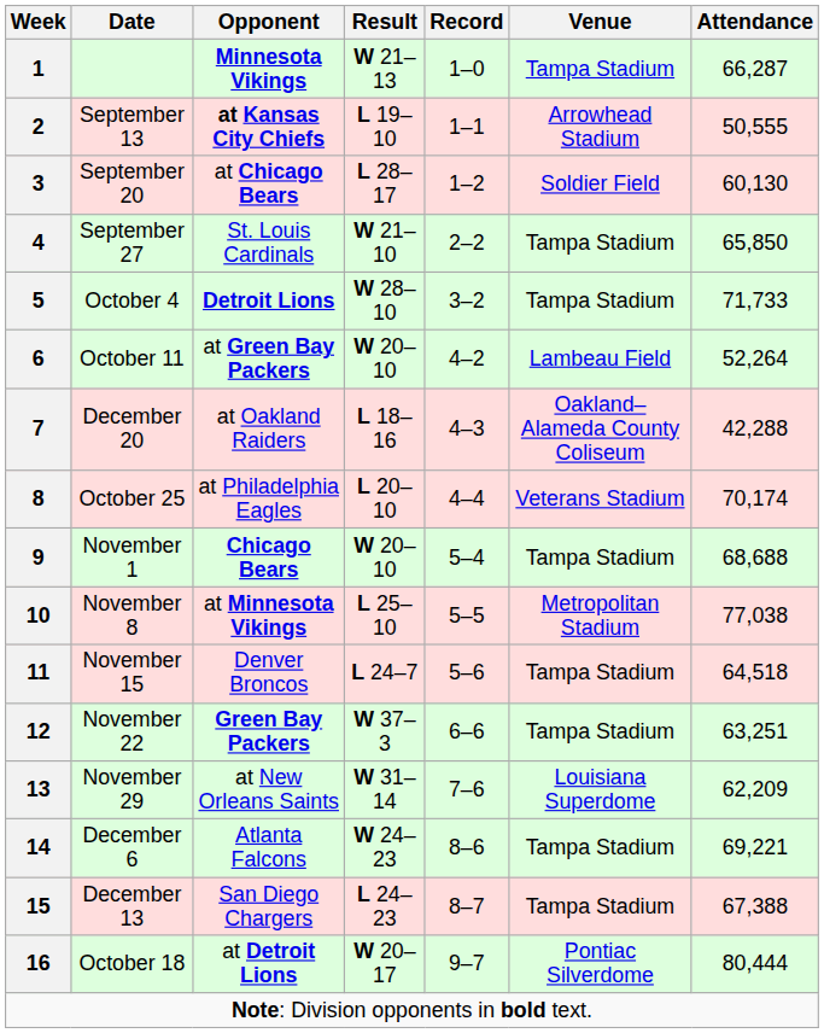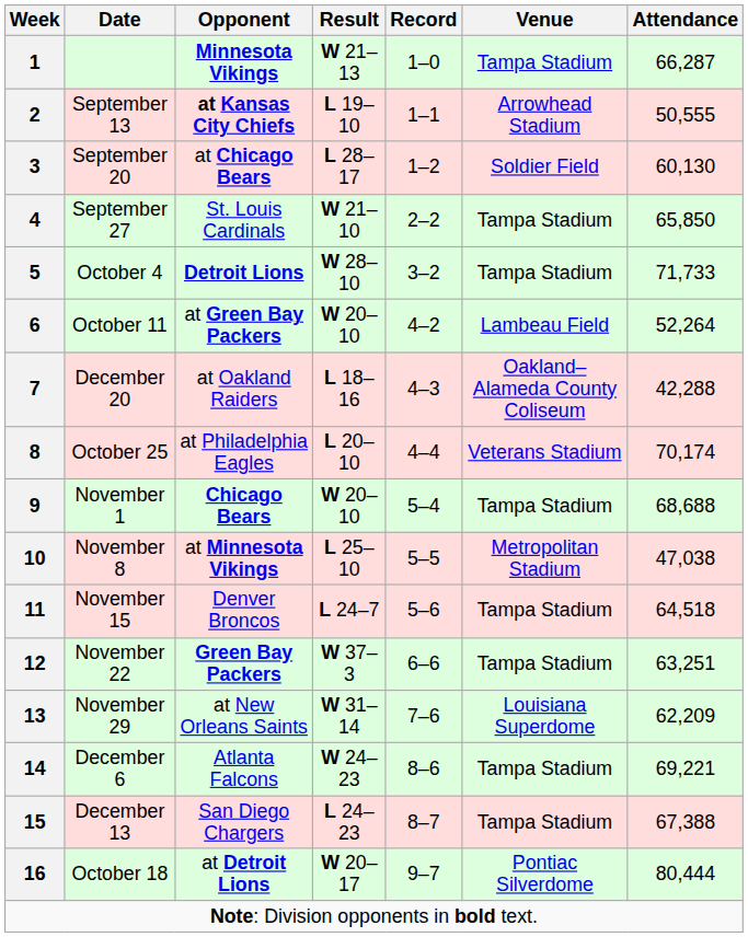 <table class="wikitable" style="text-align:center">
 <tr>
 <th>Week</th>
 <th>Date</th>
 <th>Opponent</th>
 <th>Result</th>
 <th>Record</th>
 <th>Venue</th>
 <th>Attendance</th>
 </tr>
 <tr style="background:#ddffdd">
 <th>1</th>
 <td></td>
 <td><strong><a href='#'>Minnesota Vikings</a></strong></td>
 <td><strong>W</strong> 21–13</td>
 <td>1–0</td>
 <td><a href='#'>Tampa Stadium</a></td>
 <td>66,287</td>
 </tr>
 <tr style="background:#ffdddd">
 <th>2</th>
 <td>September 13</td>
 <td><strong>at <a href='#'>Kansas City Chiefs</a></strong></td>
 <td><strong>L</strong> 19–10</td>
 <td>1–1</td>
 <td><a href='#'>Arrowhead Stadium</a></td>
 <td>50,555</td>
 </tr>
 <tr style="background:#ffdddd">
 <th>3</th>
 <td>September 20</td>
 <td>at <strong><a href='#'>Chicago Bears</a></strong></td>
 <td><strong>L</strong> 28–17</td>
 <td>1–2</td>
 <td><a href='#'>Soldier Field</a></td>
 <td>60,130</td>
 </tr>
 <tr style="background:#ddffdd">
 <th>4</th>
 <td>September 27</td>
 <td><a href='#'>St. Louis Cardinals</a></td>
 <td><strong>W</strong> 21–10</td>
 <td>2–2</td>
 <td>Tampa Stadium</td>
 <td>65,850</td>
 </tr>
 <tr style="background:#ddffdd">
 <th>5</th>
 <td>October 4</td>
 <td><strong><a href='#'>Detroit Lions</a></strong></td>
 <td><strong>W</strong> 28–10</td>
 <td>3–2</td>
 <td>Tampa Stadium</td>
 <td>71,733</td>
 </tr>
 <tr style="background:#ddffdd">
 <th>6</th>
 <td>October 11</td>
 <td>at <strong><a href='#'>Green Bay Packers</a></strong></td>
 <td><strong>W</strong> 20–10</td>
 <td>4–2</td>
 <td><a href='#'>Lambeau Field</a></td>
 <td>52,264</td>
 </tr>
 <tr style="background:#ffdddd">
 <th>7</th>
 <td>December 20</td>
 <td>at <a href='#'>Oakland Raiders</a></td>
 <td><strong>L</strong> 18–16</td>
 <td>4–3</td>
 <td><a href='#'>Oakland–Alameda County Coliseum</a></td>
 <td>42,288</td>
 </tr>
 <tr style="background:#ffdddd">
 <th>8</th>
 <td>October 25</td>
 <td>at <a href='#'>Philadelphia Eagles</a></td>
 <td><strong>L</strong> 20–10</td>
 <td>4–4</td>
 <td><a href='#'>Veterans Stadium</a></td>
 <td>70,174</td>
 </tr>
 <tr style="background:#ddffdd">
 <th>9</th>
 <td>November 1</td>
 <td><strong><a href='#'>Chicago Bears</a></strong></td>
 <td><strong>W</strong> 20–10</td>
 <td>5–4</td>
 <td>Tampa Stadium</td>
 <td>68,688</td>
 </tr>
 <tr style="background:#ffdddd">
 <th>10</th>
 <td>November 8</td>
 <td>at <strong><a href='#'>Minnesota Vikings</a></strong></td>
 <td><strong>L</strong> 25–10</td>
 <td>5–5</td>
 <td><a href='#'>Metropolitan Stadium</a></td>
-<td>77,038</td>
+<td>47,038</td>
 </tr>
 <tr style="background:#ffdddd">
 <th>11</th>
 <td>November 15</td>
 <td><a href='#'>Denver Broncos</a></td>
 <td><strong>L</strong> 24–7</td>
 <td>5–6</td>
 <td>Tampa Stadium</td>
 <td>64,518</td>
 </tr>
 <tr style="background:#ddffdd">
 <th>12</th>
 <td>November 22</td>
 <td><strong><a href='#'>Green Bay Packers</a></strong></td>
 <td><strong>W</strong> 37–3</td>
 <td>6–6</td>
 <td>Tampa Stadium</td>
 <td>63,251</td>
 </tr>
 <tr style="background:#ddffdd">
 <th>13</th>
 <td>November 29</td>
 <td>at <a href='#'>New Orleans Saints</a></td>
 <td><strong>W</strong> 31–14</td>
 <td>7–6</td>
 <td><a href='#'>Louisiana Superdome</a></td>
 <td>62,209</td>
 </tr>
 <tr style="background:#ddffdd">
 <th>14</th>
 <td>December 6</td>
 <td><a href='#'>Atlanta Falcons</a></td>
 <td><strong>W</strong> 24–23</td>
 <td>8–6</td>
 <td>Tampa Stadium</td>
 <td>69,221</td>
 </tr>
 <tr style="background:#ffdddd">
 <th>15</th>
 <td>December 13</td>
 <td><a href='#'>San Diego Chargers</a></td>
 <td><strong>L</strong> 24–23</td>
 <td>8–7</td>
 <td>Tampa Stadium</td>
 <td>67,388</td>
 </tr>
 <tr style="background:#ddffdd">
 <th>16</th>
 <td>October 18</td>
 <td>at <strong><a href='#'>Detroit Lions</a></strong></td>
 <td><strong>W</strong> 20–17</td>
 <td>9–7</td>
 <td><a href='#'>Pontiac Silverdome</a></td>
 <td>80,444</td>
 </tr>
 <tr>
 <td colspan="7"><strong>Note</strong>: Division opponents in <strong>bold</strong> text.</td>
 </tr>
 </table>
